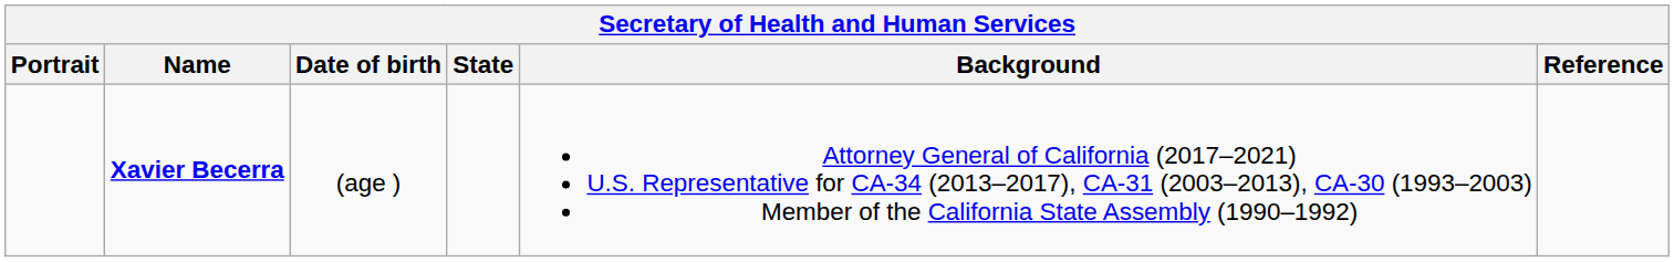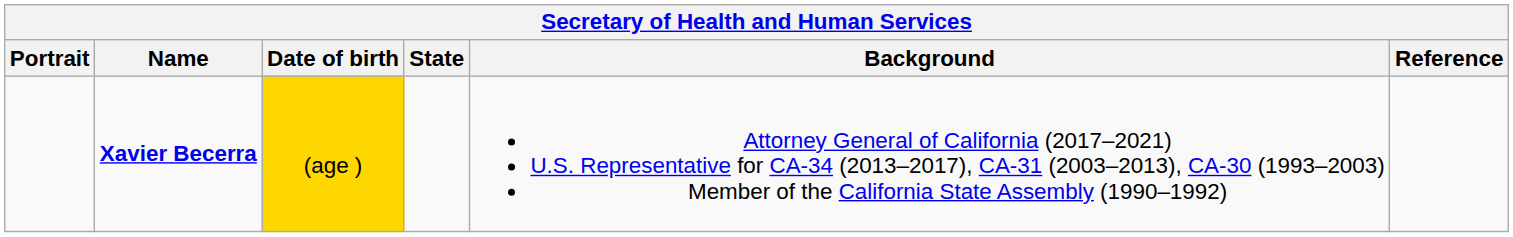 <table class="wikitable collapsible" style="text-align:center;">
 <tr>
 <th colspan="6"><a href='#'>Secretary of Health and Human Services</a></th>
 </tr>
 <tr>
 <th>Portrait</th>
 <th>Name</th>
 <th>Date of birth</th>
 <th>State</th>
 <th>Background</th>
 <th>Reference</th>
 </tr>
 <tr>
 <td></td>
 <td><strong><a href='#'>Xavier Becerra</a></strong></td>
-<td><br>(age )</td>
+<td style="background: gold;"><br>(age )</td>
 <td></td>
 <td><br><ul><li><a href='#'>Attorney General of California</a> (2017–2021)</li><li><a href='#'>U.S. Representative</a> for <a href='#'>CA-34</a> (2013–2017), <a href='#'>CA-31</a> (2003–2013), <a href='#'>CA-30</a> (1993–2003)</li><li>Member of the <a href='#'>California State Assembly</a> (1990–1992)</li></ul></td>
 <td></td>
 </tr>
 </table>
